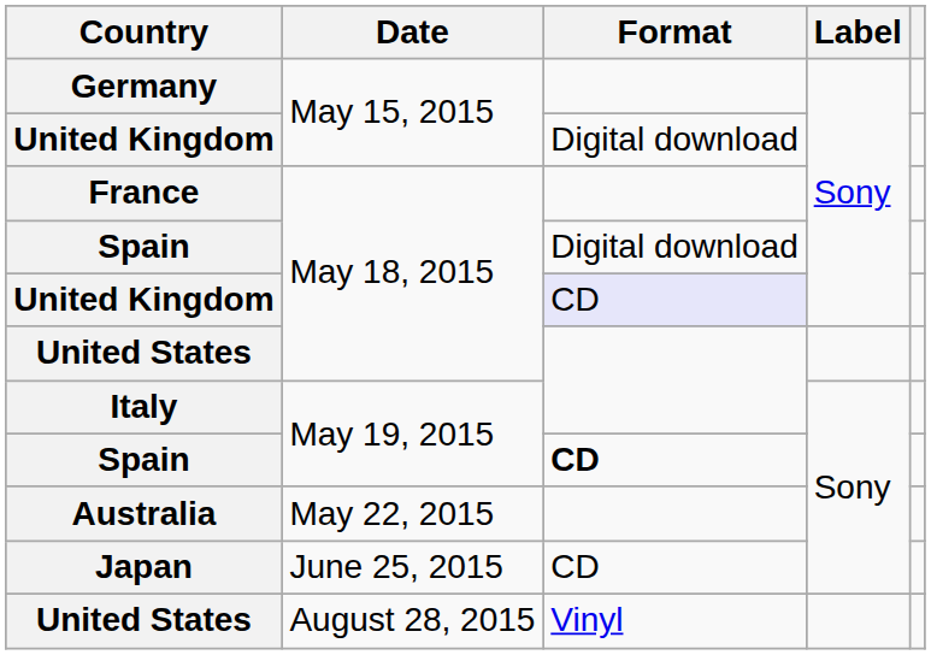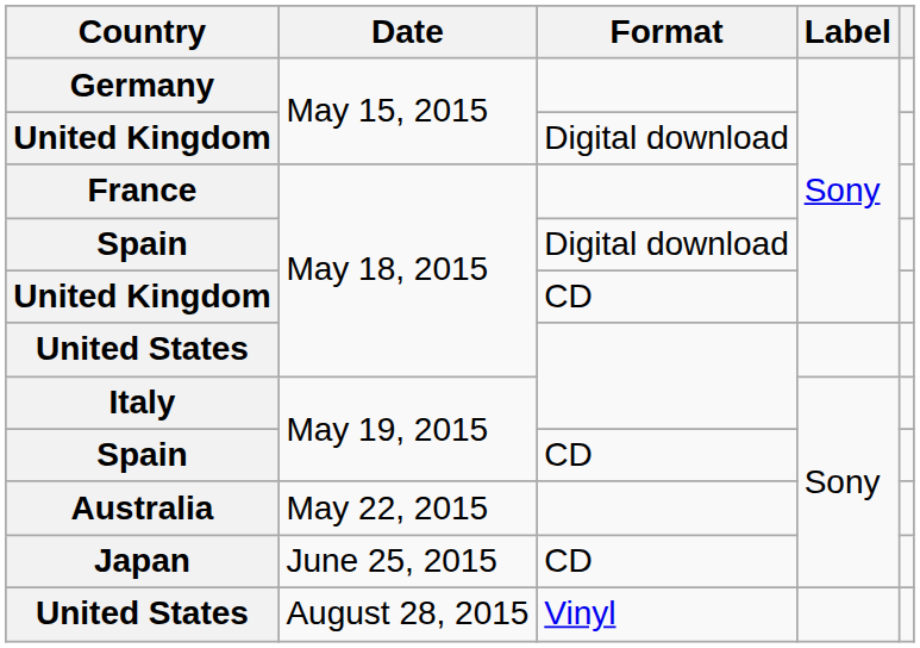 <table class="wikitable plainrowheaders">
 <tr>
 <th scope="col">Country</th>
 <th scope="col">Date</th>
 <th scope="col">Format</th>
 <th scope="col">Label</th>
 <th scope="col"></th>
 </tr>
 <tr>
 <th scope="row">Germany</th>
 <td rowspan="2">May 15, 2015</td>
 <td></td>
 <td rowspan="5"><a href='#'>Sony</a></td>
 <td></td>
 </tr>
 <tr>
 <th scope="row">United Kingdom</th>
 <td>Digital download</td>
 <td></td>
 </tr>
 <tr>
 <th scope="row">France</th>
 <td rowspan="4">May 18, 2015</td>
 <td></td>
 <td></td>
 </tr>
 <tr>
 <th scope="row">Spain</th>
 <td>Digital download</td>
 <td></td>
 </tr>
 <tr>
 <th scope="row">United Kingdom</th>
-<td style="background: lavender;">CD</td>
+<td>CD</td>
 <td></td>
 </tr>
 <tr>
 <th scope="row">United States</th>
 <td rowspan="2"></td>
 <td></td>
 <td></td>
 </tr>
 <tr>
 <th scope="row">Italy</th>
 <td rowspan="2">May 19, 2015</td>
 <td rowspan="4">Sony</td>
 <td></td>
 </tr>
 <tr>
 <th scope="row">Spain</th>
-<td><strong>CD</strong></td>
+<td>CD</td>
 <td></td>
 </tr>
 <tr>
 <th scope="row">Australia</th>
 <td>May 22, 2015</td>
 <td></td>
 <td></td>
 </tr>
 <tr>
 <th scope="row">Japan</th>
 <td>June 25, 2015</td>
 <td>CD</td>
 <td align="center"></td>
 </tr>
 <tr>
 <th scope="row">United States</th>
 <td>August 28, 2015</td>
 <td><a href='#'>Vinyl</a></td>
 <td></td>
 <td></td>
 </tr>
 </table>
